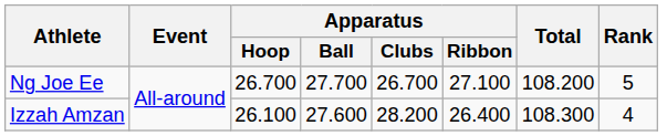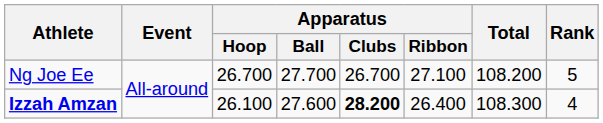 <table class=wikitable style=font-size:90%;text-align:center>
 <tr>
 <th rowspan=2>Athlete</th>
 <th rowspan=2>Event</th>
 <th colspan=4>Apparatus</th>
 <th rowspan=2>Total</th>
 <th rowspan=2>Rank</th>
 </tr>
 <tr style=font-size:95%>
 <th>Hoop</th>
 <th>Ball</th>
 <th>Clubs</th>
 <th>Ribbon</th>
 </tr>
 <tr>
 <td align=left><a href='#'>Ng Joe Ee</a></td>
 <td align=left rowspan=2><a href='#'>All-around</a></td>
 <td>26.700</td>
 <td>27.700</td>
 <td>26.700</td>
 <td>27.100</td>
 <td>108.200</td>
 <td>5</td>
 </tr>
 <tr>
-<td align=left><a href='#'>Izzah Amzan</a></td>
+<td align=left><strong><a href='#'>Izzah Amzan</a></strong></td>
 <td>26.100</td>
 <td>27.600</td>
-<td>28.200</td>
+<td><strong>28.200</strong></td>
 <td>26.400</td>
 <td>108.300</td>
 <td>4</td>
 </tr>
 </table>
